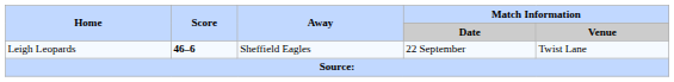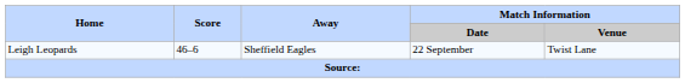 <table class="wikitable defaultcenter col1right col3left" style="font-size:90%; background-color:#F5FAFF" width=100%>
 <tr>
 <th scope="col" rowspan=2 style="background-color:#C1D8FF" width=25%>Home</th>
 <th scope="col" rowspan=2 style="background-color:#C1D8FF" width=10%>Score</th>
 <th scope="col" rowspan=2 style="background-color:#C1D8FF" width=25%>Away</th>
 <th colspan=2 style="background-color:#C1D8FF">Match Information</th>
 </tr>
 <tr>
 <th scope="col" style="background-color:#CCCCCC" width=20%>Date</th>
 <th scope="col" style="background-color:#CCCCCC" width=20%>Venue</th>
 </tr>
 <tr>
 <td>Leigh Leopards </td>
-<td><strong>46–6</strong></td>
+<td>46–6</td>
 <td> Sheffield Eagles</td>
 <td>22 September</td>
 <td>Twist Lane</td>
 </tr>
 <tr>
 <th colspan=5 style="background-color:#c1d8ff;">Source:</th>
 </tr>
 </table>
